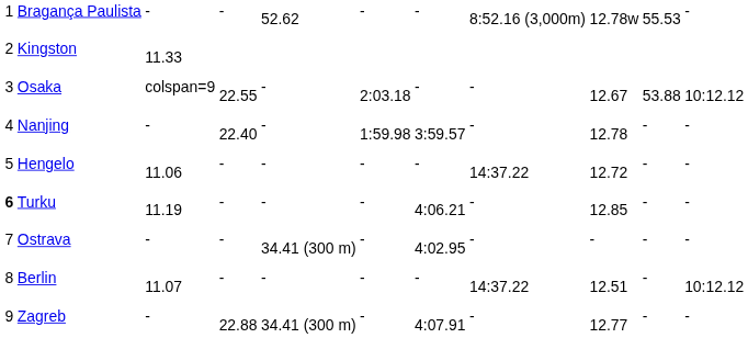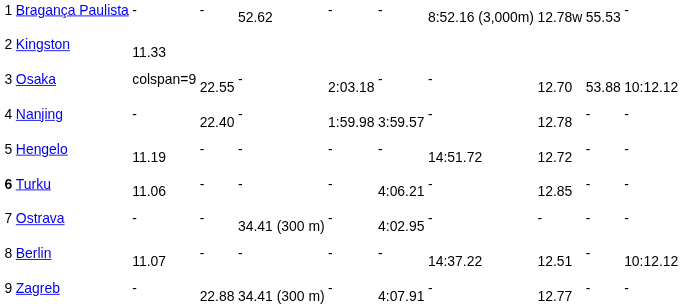 <table>
 <tr>
 <td>1</td>
 <td align=left><a href='#'>Bragança Paulista</a></td>
 <td>-</td>
 <td>-</td>
 <td><br>52.62 </td>
 <td>-</td>
 <td>-</td>
 <td><br>8:52.16   (3,000m)</td>
 <td><br>12.78w</td>
 <td><br>55.53 </td>
 <td>-</td>
 </tr>
 <tr>
 <td>2</td>
 <td align=left><a href='#'>Kingston</a></td>
 <td><br>11.33 </td>
 </tr>
 <tr>
 <td>3</td>
 <td align=left><a href='#'>Osaka</a></td>
 <td>colspan=9 </td>
 <td><br>22.55 </td>
 <td>-</td>
 <td><br>2:03.18 </td>
 <td>-</td>
 <td>-</td>
-<td><br>12.67 </td>
+<td><br>12.70 </td>
 <td><br>53.88</td>
 <td><br>10:12.12</td>
 </tr>
 <tr>
 <td>4</td>
 <td align=left><a href='#'>Nanjing</a></td>
 <td>-</td>
 <td><br>22.40 </td>
 <td>-</td>
 <td><br>1:59.98</td>
 <td><br>3:59.57  </td>
 <td>-</td>
 <td><br>12.78 </td>
 <td>-</td>
 <td>-</td>
 </tr>
 <tr>
 <td>5</td>
 <td align=left><a href='#'>Hengelo</a></td>
-<td><br>11.06 </td>
+<td><br>11.19 </td>
 <td>-</td>
 <td>-</td>
 <td>-</td>
 <td>-</td>
-<td><br>14:37.22 </td>
+<td><br>14:51.72 </td>
 <td><br>12.72 </td>
 <td>-</td>
 <td>-</td>
 </tr>
 <tr>
 <td><strong>6</strong></td>
 <td align=left><a href='#'>Turku</a></td>
-<td><br>11.19 </td>
+<td><br>11.06 </td>
 <td>-</td>
 <td>-</td>
 <td>-</td>
 <td><br>4:06.21</td>
 <td>-</td>
 <td><br>12.85</td>
 <td>-</td>
 <td>-</td>
 </tr>
 <tr>
 <td>7</td>
 <td align=left><a href='#'>Ostrava</a></td>
 <td>-</td>
 <td>-</td>
 <td><br>34.41    (300 m)</td>
 <td>-</td>
 <td><br>4:02.95</td>
 <td>-</td>
 <td>-</td>
 <td>-</td>
 <td>-</td>
 </tr>
 <tr>
 <td>8</td>
 <td align=left><a href='#'>Berlin</a></td>
 <td><br>11.07 </td>
 <td>-</td>
 <td>-</td>
 <td>-</td>
 <td>-</td>
 <td><br>14:37.22 </td>
 <td><br>12.51</td>
 <td>-</td>
 <td><br>10:12.12</td>
 </tr>
 <tr>
 <td>9</td>
 <td align=left><a href='#'>Zagreb</a></td>
 <td>-</td>
 <td><br>22.88 </td>
 <td><br>34.41    (300 m)</td>
 <td>-</td>
 <td><br>4:07.91</td>
 <td>-</td>
 <td><br>12.77</td>
 <td>-</td>
 <td>-</td>
 </tr>
 </table>
